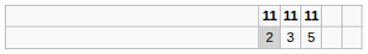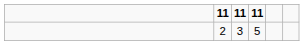 <table class="wikitable">
 <tr>
 <td style="width:18em"><strong></strong></td>
 <td align=center style="width:1em"><strong>11</strong></td>
 <td align=center style="width:1em"><strong>11</strong></td>
 <td align=center style="width:1em"><strong>11</strong></td>
 <td align=center style="width:1em"></td>
 <td align=center style="width:1em"></td>
 </tr>
 <tr>
 <td style="width:18em"></td>
-<td align=center style="background: lightgrey; width:1em">2</td>
+<td align=center style="width:1em">2</td>
 <td align=center style="width:1em">3</td>
 <td align=center style="width:1em">5</td>
 <td align=center style="width:1em"></td>
 <td align=center style="width:1em"></td>
 </tr>
 </table>
